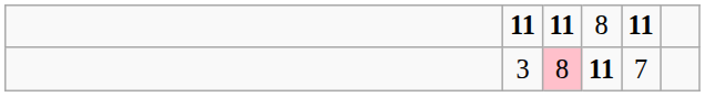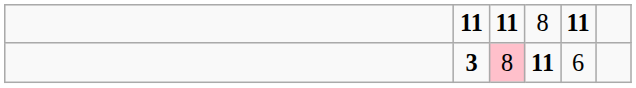 <table class="wikitable">
 <tr>
 <td style="width:18em"><strong></strong></td>
 <td align=center style="width:1em"><strong>11</strong></td>
 <td align=center style="width:1em"><strong>11</strong></td>
 <td align=center style="width:1em">8</td>
 <td align=center style="width:1em"><strong>11</strong></td>
 <td align=center style="width:1em"></td>
 </tr>
 <tr>
 <td style="width:18em"></td>
-<td align=center style="width:1em">3</td>
+<td align=center style="width:1em"><strong>3</strong></td>
 <td align=center style="background: pink; width:1em">8</td>
 <td align=center style="width:1em"><strong>11</strong></td>
-<td align=center style="width:1em">7</td>
+<td align=center style="width:1em">6</td>
 <td align=center style="width:1em"></td>
 </tr>
 </table>
